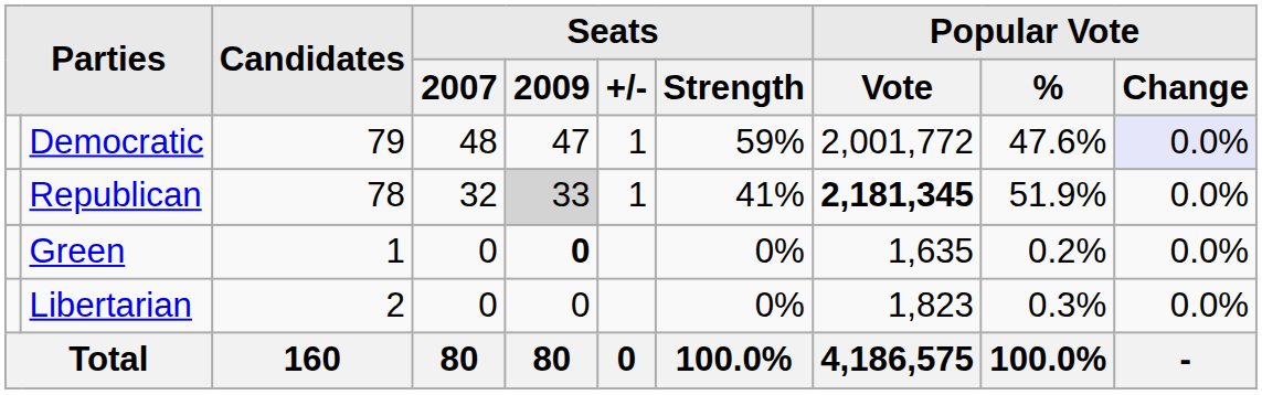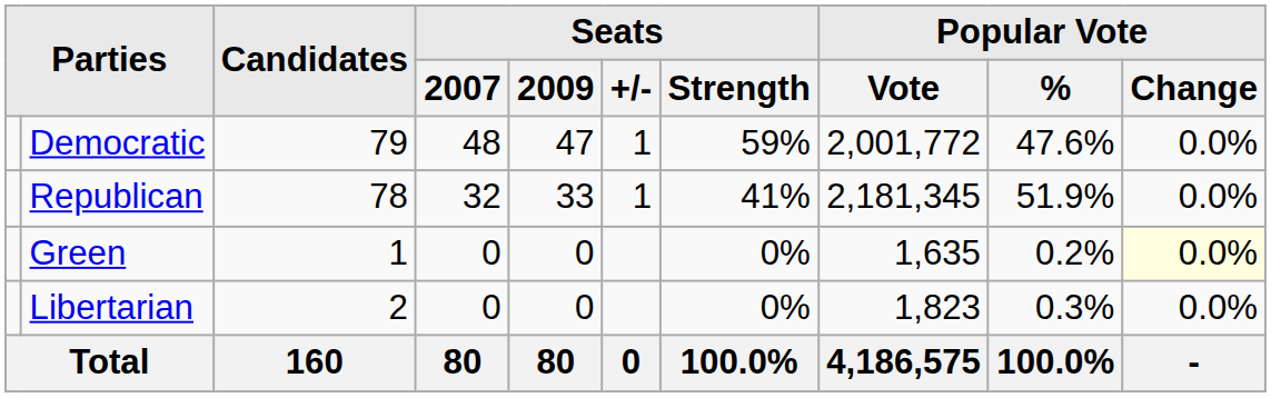 <table class=wikitable>
 <tr>
 <th style="background-color:#E9E9E9" align=center rowspan= 2 colspan=2>Parties</th>
 <th style="background-color:#E9E9E9" align=center rowspan= 2>Candidates</th>
 <th style="background-color:#E9E9E9" align=center colspan=4>Seats</th>
 <th style="background-color:#E9E9E9" align=center colspan=3>Popular Vote</th>
 </tr>
 <tr>
 <th align=center>2007</th>
 <th align=center>2009</th>
 <th align=center>+/-</th>
 <th align=center>Strength</th>
 <th align=center>Vote</th>
 <th align=center>%</th>
 <th align=center>Change</th>
 </tr>
 <tr>
 <td></td>
 <td align=left><a href='#'>Democratic</a></td>
 <td align=right>79</td>
 <td align=right >48</td>
 <td align=right >47</td>
 <td align=right> 1</td>
 <td align=right >59%</td>
 <td align=right >2,001,772</td>
 <td align=right >47.6%</td>
-<td align=right style="background: lavender;">0.0%</td>
+<td align=right>0.0%</td>
 </tr>
 <tr>
 <td></td>
 <td align=left><a href='#'>Republican</a></td>
 <td align=right>78</td>
 <td align=right>32</td>
-<td align=right style="background: lightgrey;">33</td>
+<td align=right>33</td>
 <td align=right> 1</td>
 <td align=right>41%</td>
-<td align=right><strong>2,181,345</strong></td>
+<td align=right>2,181,345</td>
 <td align=right>51.9%</td>
 <td align=right>0.0%</td>
 </tr>
 <tr>
 <td></td>
 <td><a href='#'>Green</a></td>
 <td align=right>1</td>
 <td align=right>0</td>
-<td align=right><strong>0</strong></td>
+<td align=right>0</td>
 <td align=right></td>
 <td align=right>0%</td>
 <td align=right>1,635</td>
 <td align=right>0.2%</td>
-<td align=right>0.0%</td>
+<td align=right style="background: lightyellow;">0.0%</td>
 </tr>
 <tr>
 <td></td>
 <td><a href='#'>Libertarian</a></td>
 <td align=right>2</td>
 <td align=right>0</td>
 <td align=right>0</td>
 <td align=right></td>
 <td align=right>0%</td>
 <td align=right>1,823</td>
 <td align=right>0.3%</td>
 <td align=right>0.0%</td>
 </tr>
 <tr>
 <th align=center colspan="2">Total</th>
 <th align=center>160</th>
 <th align=center>80</th>
 <th align=center>80</th>
 <th align=center>0</th>
 <th align=center>100.0%</th>
 <th align=center>4,186,575</th>
 <th align=center>100.0%</th>
 <th align=center>-</th>
 </tr>
 </table>
